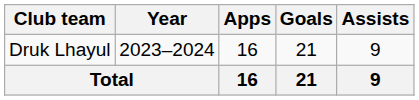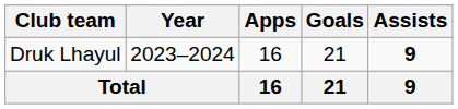 <table class=wikitable style="text-align: center;">
 <tr>
 <th>Club team</th>
 <th>Year</th>
 <th>Apps</th>
 <th>Goals</th>
 <th>Assists</th>
 </tr>
 <tr>
 <td rowspan=1>Druk Lhayul</td>
 <td>2023–2024</td>
 <td>16</td>
 <td>21</td>
-<td>9</td>
+<td><strong>9</strong></td>
 </tr>
 <tr>
 <th colspan=2>Total</th>
 <th>16</th>
 <th>21</th>
 <th>9</th>
 </tr>
 </table>
